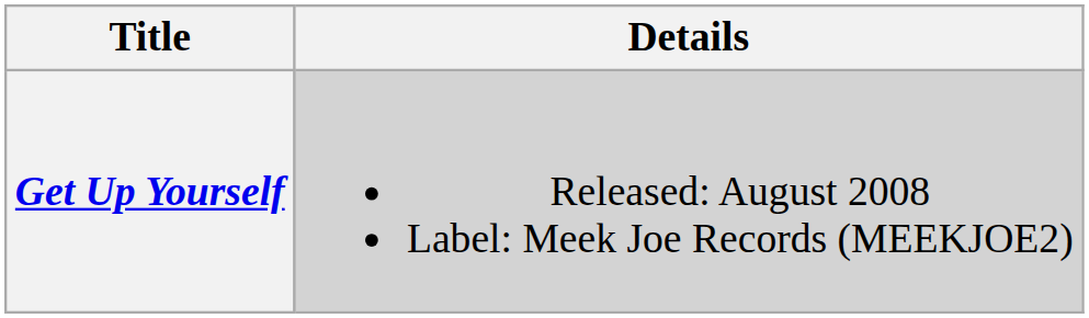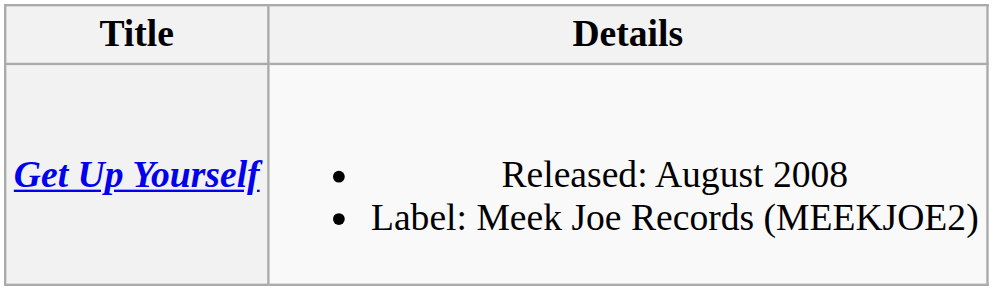 <table class="wikitable plainrowheaders" style="text-align:center;" border="1">
 <tr>
 <th>Title</th>
 <th>Details</th>
 </tr>
 <tr>
 <th scope="row"><em><a href='#'>Get Up Yourself</a></em></th>
-<td style="background: lightgrey;"><br><ul><li>Released: August 2008</li><li>Label: Meek Joe Records (MEEKJOE2)</li></ul></td>
+<td><br><ul><li>Released: August 2008</li><li>Label: Meek Joe Records (MEEKJOE2)</li></ul></td>
 </tr>
 </table>
